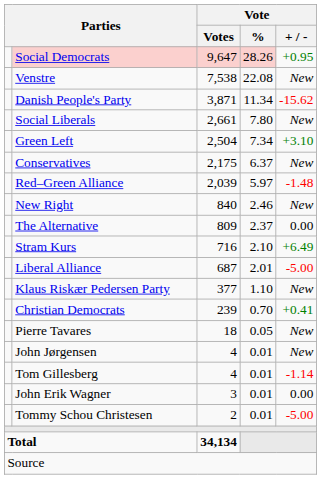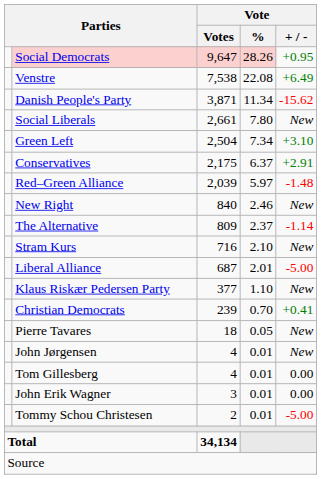 <table class="wikitable" style="text-align:right;">
 <tr>
 <th style="text-align:centre;" rowspan="2" colspan="2" width="225">Parties</th>
 <th colspan="3">Vote</th>
 </tr>
 <tr>
 <th width="15">Votes</th>
 <th width="15">%</th>
 <th width="15">+ / -</th>
 </tr>
 <tr>
 <td width="2" style="color:inherit;background:"></td>
 <td bgcolor=#fbd0ce  align="left"><a href='#'>Social Democrats</a></td>
 <td bgcolor=#fbd0ce>9,647</td>
 <td bgcolor=#fbd0ce>28.26</td>
 <td style=color:green;>+0.95</td>
 </tr>
 <tr>
 <td width="2" style="color:inherit;background:"></td>
 <td align="left"><a href='#'>Venstre</a></td>
 <td>7,538</td>
 <td>22.08</td>
-<td><em>New</em></td>
+<td style=color:green;>+6.49</td>
 </tr>
 <tr>
 <td width="2" style="color:inherit;background:"></td>
 <td align="left"><a href='#'>Danish People's Party</a></td>
 <td>3,871</td>
 <td>11.34</td>
 <td style=color:red;>-15.62</td>
 </tr>
 <tr>
 <td width="2" style="color:inherit;background:"></td>
 <td align="left"><a href='#'>Social Liberals</a></td>
 <td>2,661</td>
 <td>7.80</td>
 <td><em>New</em></td>
 </tr>
 <tr>
 <td width="2" style="color:inherit;background:"></td>
 <td align="left"><a href='#'>Green Left</a></td>
 <td>2,504</td>
 <td>7.34</td>
 <td style=color:green;>+3.10</td>
 </tr>
 <tr>
 <td width="2" style="color:inherit;background:"></td>
 <td align="left"><a href='#'>Conservatives</a></td>
 <td>2,175</td>
 <td>6.37</td>
-<td><em>New</em></td>
+<td style=color:green;>+2.91</td>
 </tr>
 <tr>
 <td width="2" style="color:inherit;background:"></td>
 <td align="left"><a href='#'>Red–Green Alliance</a></td>
 <td>2,039</td>
 <td>5.97</td>
 <td style=color:red;>-1.48</td>
 </tr>
 <tr>
 <td width="2" style="color:inherit;background:"></td>
 <td align="left"><a href='#'>New Right</a></td>
 <td>840</td>
 <td>2.46</td>
 <td><em>New</em></td>
 </tr>
 <tr>
 <td width="2" style="color:inherit;background:"></td>
 <td align="left"><a href='#'>The Alternative</a></td>
 <td>809</td>
 <td>2.37</td>
-<td>0.00</td>
+<td style=color:red;>-1.14</td>
 </tr>
 <tr>
 <td width="2" style="color:inherit;background:"></td>
 <td align="left"><a href='#'>Stram Kurs</a></td>
 <td>716</td>
 <td>2.10</td>
-<td style=color:green;>+6.49</td>
+<td><em>New</em></td>
 </tr>
 <tr>
 <td width="2" style="color:inherit;background:"></td>
 <td align="left"><a href='#'>Liberal Alliance</a></td>
 <td>687</td>
 <td>2.01</td>
 <td style=color:red;>-5.00</td>
 </tr>
 <tr>
 <td width="2" style="color:inherit;background:"></td>
 <td align="left"><a href='#'>Klaus Riskær Pedersen Party</a></td>
 <td>377</td>
 <td>1.10</td>
 <td><em>New</em></td>
 </tr>
 <tr>
 <td width="2" style="color:inherit;background:"></td>
 <td align="left"><a href='#'>Christian Democrats</a></td>
 <td>239</td>
 <td>0.70</td>
 <td style=color:green;>+0.41</td>
 </tr>
 <tr>
 <td width="2" style="color:inherit;background:"></td>
 <td align="left">Pierre Tavares</td>
 <td>18</td>
 <td>0.05</td>
 <td><em>New</em></td>
 </tr>
 <tr>
 <td width="2" style="color:inherit;background:"></td>
 <td align="left">John Jørgensen</td>
 <td>4</td>
 <td>0.01</td>
 <td><em>New</em></td>
 </tr>
 <tr>
 <td width="2" style="color:inherit;background:"></td>
 <td align="left">Tom Gillesberg</td>
 <td>4</td>
 <td>0.01</td>
-<td style=color:red;>-1.14</td>
+<td>0.00</td>
 </tr>
 <tr>
 <td width="2" style="color:inherit;background:"></td>
 <td align="left">John Erik Wagner</td>
 <td>3</td>
 <td>0.01</td>
 <td>0.00</td>
 </tr>
 <tr>
 <td width="2" style="color:inherit;background:"></td>
 <td align="left">Tommy Schou Christesen</td>
 <td>2</td>
 <td>0.01</td>
 <td style=color:red;>-5.00</td>
 </tr>
 <tr>
 <td colspan="7" bgcolor="#E9E9E9"></td>
 </tr>
 <tr>
 <td align="left" colspan="2"><strong>Total</strong></td>
 <td><strong>34,134</strong></td>
 <td bgcolor="#E9E9E9" colspan="2"></td>
 </tr>
 <tr>
 <td align="left" colspan="6">Source</td>
 </tr>
 </table>
